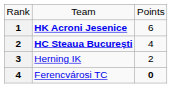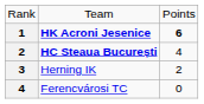 <table class="wikitable" style="text-align: center;">
 <tr>
 <td>Rank</td>
 <td>Team</td>
 <td>Points</td>
 </tr>
 <tr>
 <th>1</th>
 <td style="text-align: left;"> <strong><a href='#'>HK Acroni Jesenice</a></strong></td>
-<td>6</td>
+<td><strong>6</strong></td>
 </tr>
 <tr>
 <th>2</th>
 <td style="text-align: left;"> <strong><a href='#'>HC Steaua București</a></strong></td>
 <td>4</td>
 </tr>
 <tr>
 <th>3</th>
 <td style="text-align: left;"> <a href='#'>Herning IK</a></td>
 <td>2</td>
 </tr>
 <tr>
 <th>4</th>
 <td style="text-align: left;"> <a href='#'>Ferencvárosi TC</a></td>
-<td><strong>0</strong></td>
+<td>0</td>
 </tr>
 </table>
